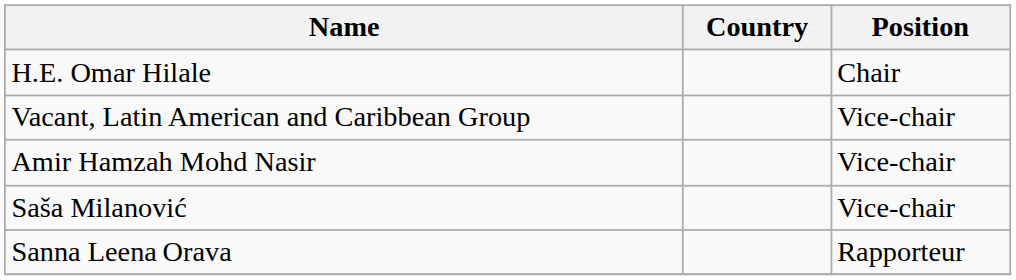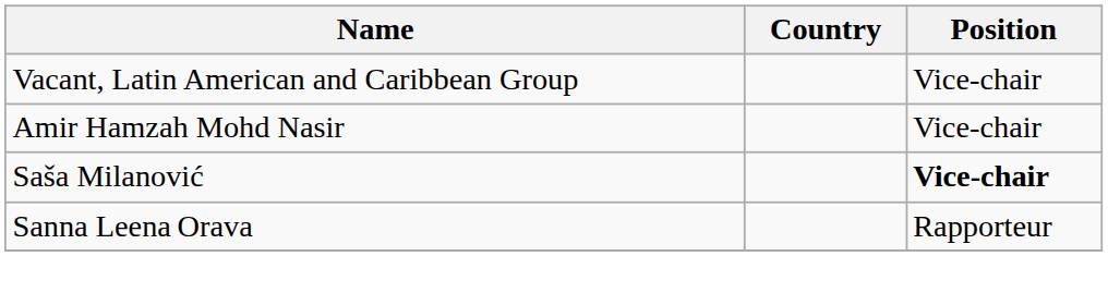 <table class="wikitable" style="display: inline-table; width: 45%">
 <tr>
 <th>Name</th>
 <th>Country</th>
 <th>Position</th>
-</tr>
-<tr>
-<td>H.E. Omar Hilale</td>
-<td></td>
-<td>Chair</td>
 </tr>
 <tr>
 <td>Vacant, Latin American and Caribbean Group</td>
 <td></td>
 <td>Vice-chair</td>
 </tr>
 <tr>
 <td>Amir Hamzah Mohd Nasir</td>
 <td></td>
 <td>Vice-chair</td>
 </tr>
 <tr>
 <td>Saša Milanović</td>
 <td></td>
-<td>Vice-chair</td>
+<td><strong>Vice-chair</strong></td>
 </tr>
 <tr>
 <td>Sanna Leena Orava</td>
 <td></td>
 <td>Rapporteur</td>
 </tr>
 <tr>
 </tr>
 </table>
